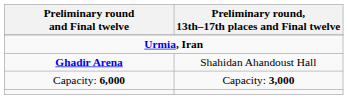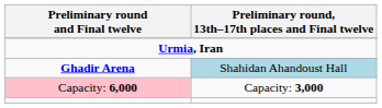 <table class="wikitable" style="text-align:center">
 <tr>
 <th width=50%>Preliminary round<br>and Final twelve</th>
 <th width=50%>Preliminary round,<br>13th–17th places and Final twelve</th>
 </tr>
 <tr>
 </tr>
 <tr>
 <td colspan=2><strong><a href='#'>Urmia</a>, Iran</strong></td>
 </tr>
 <tr>
 <td><strong><a href='#'>Ghadir Arena</a></strong></td>
-<td>Shahidan Ahandoust Hall</td>
+<td style="background: lightblue;">Shahidan Ahandoust Hall</td>
 </tr>
 <tr>
-<td>Capacity: <strong>6,000</strong></td>
+<td style="background: pink;">Capacity: <strong>6,000</strong></td>
 <td>Capacity: <strong>3,000</strong></td>
 </tr>
 <tr>
 <td></td>
 <td></td>
 </tr>
 </table>
